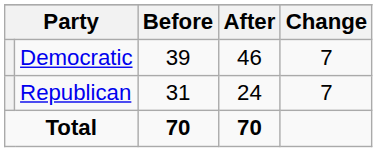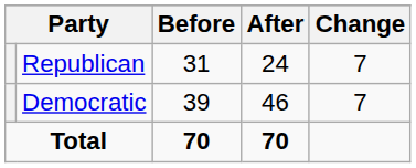 <table class="wikitable" style="text-align:center;">
 <tr>
 </tr>
 <tr>
 <th colspan=2>Party</th>
 <th>Before</th>
 <th>After</th>
 <th>Change</th>
 </tr>
 <tr>
 <th style="background-color:"></th>
-<td style="text-align:left;"><a href='#'>Democratic</a></td>
-<td>39</td>
-<td>46</td>
+<td style="text-align:left;"><a href='#'>Republican</a></td>
+<td>31</td>
+<td>24</td>
 <td> 7</td>
 </tr>
 <tr>
 <th style="background-color:"></th>
-<td style="text-align:left;"><a href='#'>Republican</a></td>
-<td>31</td>
-<td>24</td>
+<td style="text-align:left;"><a href='#'>Democratic</a></td>
+<td>39</td>
+<td>46</td>
 <td> 7</td>
 </tr>
 <tr>
 <td colspan=2><strong>Total</strong></td>
 <td><strong>70</strong></td>
 <td><strong>70</strong></td>
 <td></td>
 </tr>
 </table>
